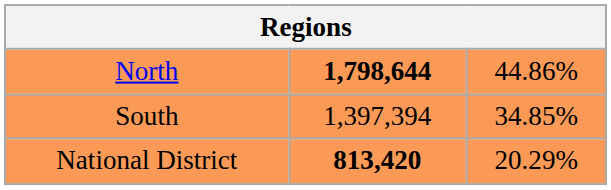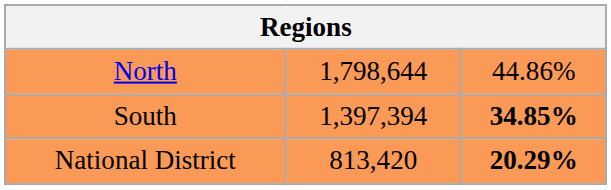 <table class="wikitable" id="cx9" style="text-align:center;clear:all; margin-right:8px; font-size:85%;" width="24%">
 <tr>
 <th colspan="8">Regions</th>
 </tr>
 <tr bgcolor="#FA9A56">
 <td><a href='#'>North</a></td>
-<td align="center"><strong>1,798,644</strong></td>
+<td align="center">1,798,644</td>
 <td align="center">44.86%</td>
 </tr>
 <tr bgcolor="#FA9A56">
 <td>South</td>
 <td align="center">1,397,394</td>
-<td align="center">34.85%</td>
+<td align="center"><strong>34.85%</strong></td>
 </tr>
 <tr bgcolor="#FA9A56">
 <td>National District</td>
-<td align="center"><strong>813,420</strong></td>
-<td align="center">20.29%</td>
+<td align="center">813,420</td>
+<td align="center"><strong>20.29%</strong></td>
 </tr>
 </table>
